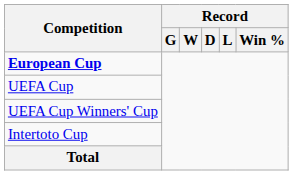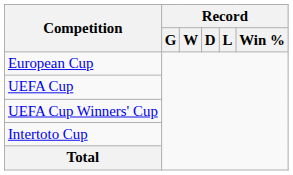 <table class="wikitable" style="text-align: center">
 <tr>
 <th rowspan="2">Competition</th>
 <th colspan="5">Record</th>
 </tr>
 <tr>
 <th>G</th>
 <th>W</th>
 <th>D</th>
 <th>L</th>
 <th>Win %</th>
 </tr>
 <tr>
-<td align=left><strong><a href='#'>European Cup</a><br></strong></td>
+<td align=left><a href='#'>European Cup</a><br></td>
 </tr>
 <tr>
 <td align=left><a href='#'>UEFA Cup</a><br></td>
 </tr>
 <tr>
 <td align=left><a href='#'>UEFA Cup Winners' Cup</a><br></td>
 </tr>
 <tr>
 <td align=left><a href='#'>Intertoto Cup</a><br></td>
 </tr>
 <tr>
 <th>Total<br></th>
 </tr>
 </table>
